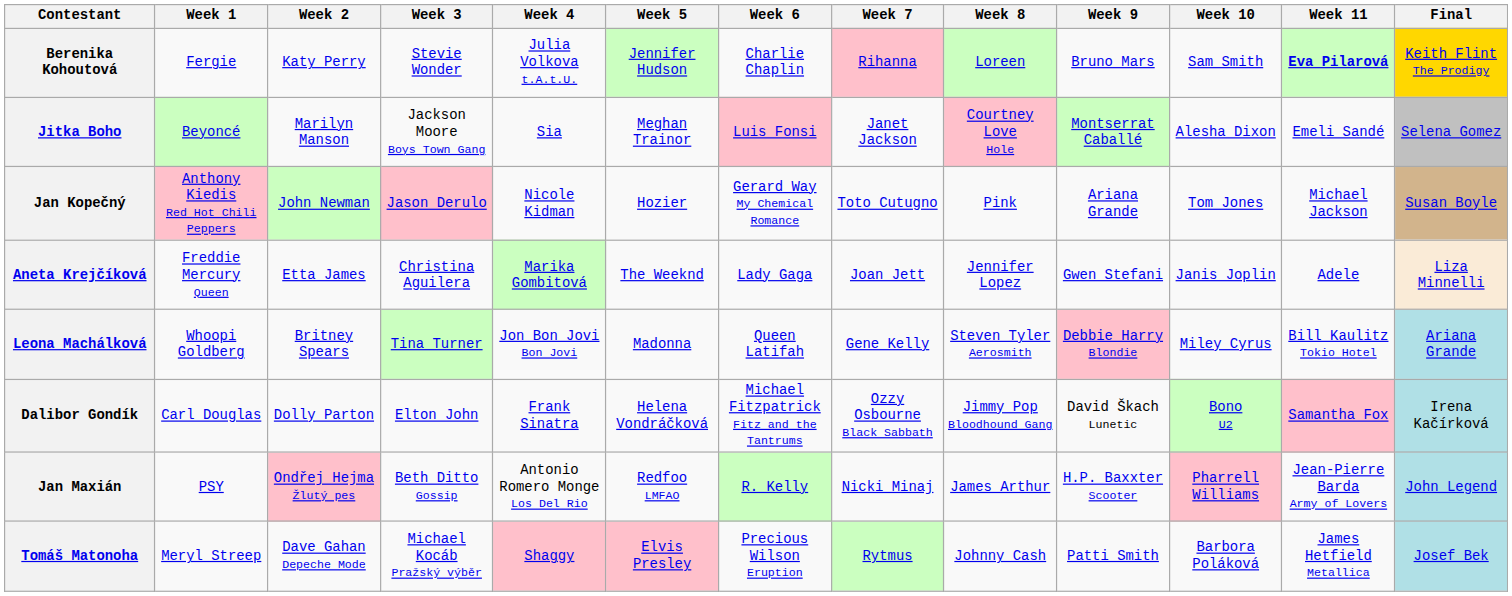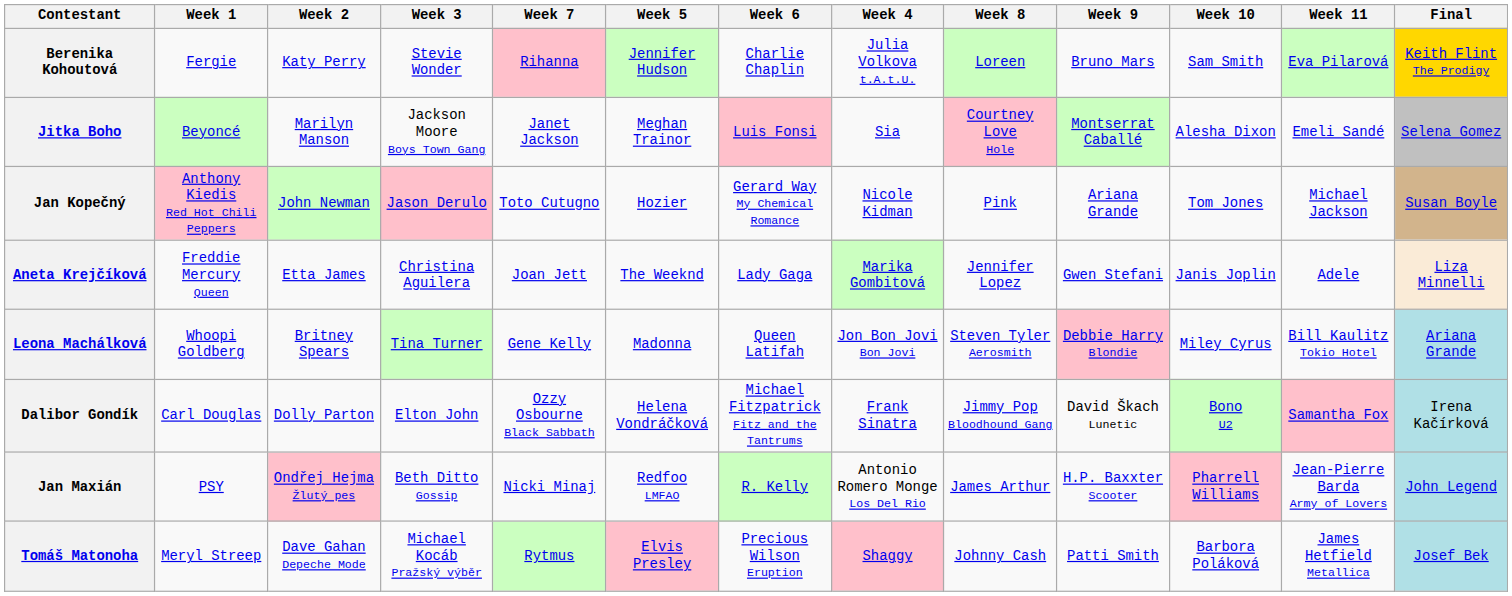 <table class="wikitable" style="font-size:90%; text-align:center; margin-left: auto; margin-right: auto">
 <tr>
 <th style="width: 10%;">Contestant</th>
 <th style="width: 7.5%;">Week 1</th>
 <th style="width: 7.5%;">Week 2</th>
 <th style="width: 7.5%;">Week 3</th>
-<th style="width: 7.5%;">Week 4</th>
+<th style="width: 7.5%;">Week 7</th>
 <th style="width: 7.5%;">Week 5</th>
 <th style="width: 7.5%;">Week 6</th>
-<th style="width: 7.5%;">Week 7</th>
+<th style="width: 7.5%;">Week 4</th>
 <th style="width: 7.5%;">Week 8</th>
 <th style="width: 7.5%;">Week 9</th>
 <th style="width: 7.5%;">Week 10</th>
 <th style="width: 7.5%;">Week 11</th>
 <th style="width: 7.5%;">Final</th>
 </tr>
 <tr>
 <th style=height:4.5em>Berenika Kohoutová</th>
 <td><a href='#'>Fergie</a></td>
 <td><a href='#'>Katy Perry</a></td>
 <td><a href='#'>Stevie Wonder</a></td>
-<td><a href='#'>Julia Volkova</a> <br><small><a href='#'>t.A.t.U.</a></small></td>
+<td style="background:pink"><a href='#'>Rihanna</a></td>
 <td style="background:#cbffc0"><a href='#'>Jennifer Hudson</a></td>
 <td><a href='#'>Charlie Chaplin</a></td>
-<td style="background:pink"><a href='#'>Rihanna</a></td>
+<td><a href='#'>Julia Volkova</a> <br><small><a href='#'>t.A.t.U.</a></small></td>
 <td style="background:#cbffc0"><a href='#'>Loreen</a></td>
 <td><a href='#'>Bruno Mars</a></td>
 <td><a href='#'>Sam Smith</a></td>
-<td style="background:#cbffc0"><strong><a href='#'>Eva Pilarová</a></strong></td>
+<td style="background:#cbffc0"><a href='#'>Eva Pilarová</a></td>
 <td style="background:gold;"><a href='#'>Keith Flint</a> <br><small><a href='#'>The Prodigy</a></small></td>
 </tr>
 <tr>
 <th style=height:4.5em><a href='#'>Jitka Boho</a></th>
 <td style="background:#cbffc0"><a href='#'>Beyoncé</a></td>
 <td><a href='#'>Marilyn Manson</a></td>
 <td>Jackson Moore <br><small><a href='#'>Boys Town Gang</a></small></td>
-<td><a href='#'>Sia</a></td>
+<td><a href='#'>Janet Jackson</a></td>
 <td><a href='#'>Meghan Trainor</a></td>
 <td style="background:pink"><a href='#'>Luis Fonsi</a></td>
-<td><a href='#'>Janet Jackson</a></td>
+<td><a href='#'>Sia</a></td>
 <td style="background:pink"><a href='#'>Courtney Love</a> <br><small><a href='#'>Hole</a></small></td>
 <td style="background:#cbffc0"><a href='#'>Montserrat Caballé</a></td>
 <td><a href='#'>Alesha Dixon</a></td>
 <td><a href='#'>Emeli Sandé</a></td>
 <td style="background:silver;"><a href='#'>Selena Gomez</a></td>
 </tr>
 <tr>
 <th style=height:4.5em>Jan Kopečný</th>
 <td style="background:pink"><a href='#'>Anthony Kiedis</a> <br><small><a href='#'>Red Hot Chili Peppers</a></small></td>
 <td style="background:#cbffc0"><a href='#'>John Newman</a></td>
 <td style="background:pink"><a href='#'>Jason Derulo</a></td>
-<td><a href='#'>Nicole Kidman</a></td>
+<td><a href='#'>Toto Cutugno</a></td>
 <td><a href='#'>Hozier</a></td>
 <td><a href='#'>Gerard Way</a> <br><small><a href='#'>My Chemical Romance</a></small></td>
-<td><a href='#'>Toto Cutugno</a></td>
+<td><a href='#'>Nicole Kidman</a></td>
 <td><a href='#'>Pink</a></td>
 <td><a href='#'>Ariana Grande</a></td>
 <td><a href='#'>Tom Jones</a></td>
 <td><a href='#'>Michael Jackson</a></td>
 <td style="background:tan"><a href='#'>Susan Boyle</a></td>
 </tr>
 <tr>
 <th style=height:4.5em><a href='#'>Aneta Krejčíková</a></th>
 <td><a href='#'>Freddie Mercury</a> <br><small><a href='#'>Queen</a></small></td>
 <td><a href='#'>Etta James</a></td>
 <td><a href='#'>Christina Aguilera</a></td>
-<td style="background:#cbffc0"><a href='#'>Marika Gombitová</a></td>
+<td><a href='#'>Joan Jett</a></td>
 <td><a href='#'>The Weeknd</a></td>
 <td><a href='#'>Lady Gaga</a></td>
-<td><a href='#'>Joan Jett</a></td>
+<td style="background:#cbffc0"><a href='#'>Marika Gombitová</a></td>
 <td><a href='#'>Jennifer Lopez</a></td>
 <td><a href='#'>Gwen Stefani</a></td>
 <td><a href='#'>Janis Joplin</a></td>
 <td><a href='#'>Adele</a></td>
 <td style="background:antiquewhite"><a href='#'>Liza Minnelli</a></td>
 </tr>
 <tr>
 <th style=height:4.5em><a href='#'>Leona Machálková</a></th>
 <td><a href='#'>Whoopi Goldberg</a></td>
 <td><a href='#'>Britney Spears</a></td>
 <td style="background:#cbffc0"><a href='#'>Tina Turner</a></td>
-<td><a href='#'>Jon Bon Jovi</a> <br><small><a href='#'>Bon Jovi</a></small></td>
+<td><a href='#'>Gene Kelly</a></td>
 <td><a href='#'>Madonna</a></td>
 <td><a href='#'>Queen Latifah</a></td>
-<td><a href='#'>Gene Kelly</a></td>
+<td><a href='#'>Jon Bon Jovi</a> <br><small><a href='#'>Bon Jovi</a></small></td>
 <td><a href='#'>Steven Tyler</a> <br><small><a href='#'>Aerosmith</a></small></td>
 <td style="background:pink"><a href='#'>Debbie Harry</a> <br><small><a href='#'>Blondie</a></small></td>
 <td><a href='#'>Miley Cyrus</a></td>
 <td><a href='#'>Bill Kaulitz</a> <br><small><a href='#'>Tokio Hotel</a></small></td>
 <td style="background:#b0e0e6"><a href='#'>Ariana Grande</a></td>
 </tr>
 <tr>
 <th style=height:4.5em>Dalibor Gondík</th>
 <td><a href='#'>Carl Douglas</a></td>
 <td><a href='#'>Dolly Parton</a></td>
 <td><a href='#'>Elton John</a></td>
-<td><a href='#'>Frank Sinatra</a></td>
+<td><a href='#'>Ozzy Osbourne</a> <br><small><a href='#'>Black Sabbath</a></small></td>
 <td><a href='#'>Helena Vondráčková</a></td>
 <td><a href='#'>Michael Fitzpatrick</a> <br><small><a href='#'>Fitz and the Tantrums</a></small></td>
-<td><a href='#'>Ozzy Osbourne</a> <br><small><a href='#'>Black Sabbath</a></small></td>
+<td><a href='#'>Frank Sinatra</a></td>
 <td><a href='#'>Jimmy Pop</a> <br><small><a href='#'>Bloodhound Gang</a></small></td>
 <td>David Škach <br><small>Lunetic</small></td>
 <td style="background:#cbffc0"><a href='#'>Bono</a> <br><small><a href='#'>U2</a></small></td>
 <td style="background:pink"><a href='#'>Samantha Fox</a></td>
 <td style="background:#b0e0e6">Irena Kačírková</td>
 </tr>
 <tr>
 <th style=height:4.5em>Jan Maxián</th>
 <td><a href='#'>PSY</a></td>
 <td style="background:pink"><a href='#'>Ondřej Hejma</a> <br><small><a href='#'>Žlutý pes</a></small></td>
 <td><a href='#'>Beth Ditto</a> <br><small><a href='#'>Gossip</a></small></td>
-<td>Antonio Romero Monge <br><small><a href='#'>Los Del Rio</a></small></td>
+<td><a href='#'>Nicki Minaj</a></td>
 <td><a href='#'>Redfoo</a> <br><small><a href='#'>LMFAO</a></small></td>
 <td style="background:#cbffc0"><a href='#'>R. Kelly</a></td>
-<td><a href='#'>Nicki Minaj</a></td>
+<td>Antonio Romero Monge <br><small><a href='#'>Los Del Rio</a></small></td>
 <td><a href='#'>James Arthur</a></td>
 <td><a href='#'>H.P. Baxxter</a> <br><small><a href='#'>Scooter</a></small></td>
 <td style="background:pink"><a href='#'>Pharrell Williams</a></td>
 <td><a href='#'>Jean-Pierre Barda</a> <br><small><a href='#'>Army of Lovers</a></small></td>
 <td style="background:#b0e0e6"><a href='#'>John Legend</a></td>
 </tr>
 <tr>
 <th style=height:4.5em><a href='#'>Tomáš Matonoha</a></th>
 <td><a href='#'>Meryl Streep</a></td>
 <td><a href='#'>Dave Gahan</a> <br><small><a href='#'>Depeche Mode</a></small></td>
 <td><a href='#'>Michael Kocáb</a> <br><small><a href='#'>Pražský výběr</a></small></td>
-<td style="background:pink"><a href='#'>Shaggy</a></td>
+<td style="background:#cbffc0"><a href='#'>Rytmus</a></td>
 <td style="background:pink"><a href='#'>Elvis Presley</a></td>
 <td><a href='#'>Precious Wilson</a> <br><small><a href='#'>Eruption</a></small></td>
-<td style="background:#cbffc0"><a href='#'>Rytmus</a></td>
+<td style="background:pink"><a href='#'>Shaggy</a></td>
 <td><a href='#'>Johnny Cash</a></td>
 <td><a href='#'>Patti Smith</a></td>
 <td><a href='#'>Barbora Poláková</a></td>
 <td><a href='#'>James Hetfield</a> <br><small><a href='#'>Metallica</a></small></td>
 <td style="background:#b0e0e6"><a href='#'>Josef Bek</a></td>
 </tr>
 </table>
